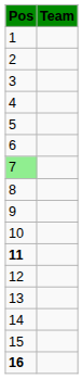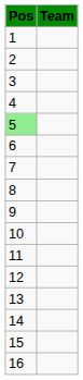 <table class="wikitable" style="margin:0.5em auto; font-size:95%">
 <tr bgcolor="#008B00">
 <td><strong>Pos</strong></td>
 <td><strong>Team</strong></td>
 </tr>
 <tr>
 <td>1</td>
 <td></td>
 </tr>
 <tr>
 <td>2</td>
 <td></td>
 </tr>
 <tr>
 <td>3</td>
 <td></td>
 </tr>
 <tr>
 <td>4</td>
 <td></td>
 </tr>
 <tr>
-<td>5</td>
+<td style="background: lightgreen;">5</td>
 <td></td>
 </tr>
 <tr>
 <td>6</td>
 <td></td>
 </tr>
 <tr>
-<td style="background: lightgreen;">7</td>
+<td>7</td>
 <td></td>
 </tr>
 <tr>
 <td>8</td>
 <td></td>
 </tr>
 <tr>
 <td>9</td>
 <td></td>
 </tr>
 <tr>
 <td>10</td>
 <td></td>
 </tr>
 <tr>
-<td><strong>11</strong></td>
+<td>11</td>
 <td></td>
 </tr>
 <tr>
 <td>12</td>
 <td></td>
 </tr>
 <tr>
 <td>13</td>
 <td></td>
 </tr>
 <tr>
 <td>14</td>
 <td></td>
 </tr>
 <tr>
 <td>15</td>
 <td></td>
 </tr>
 <tr>
-<td><strong>16</strong></td>
+<td>16</td>
 <td></td>
 </tr>
 </table>
